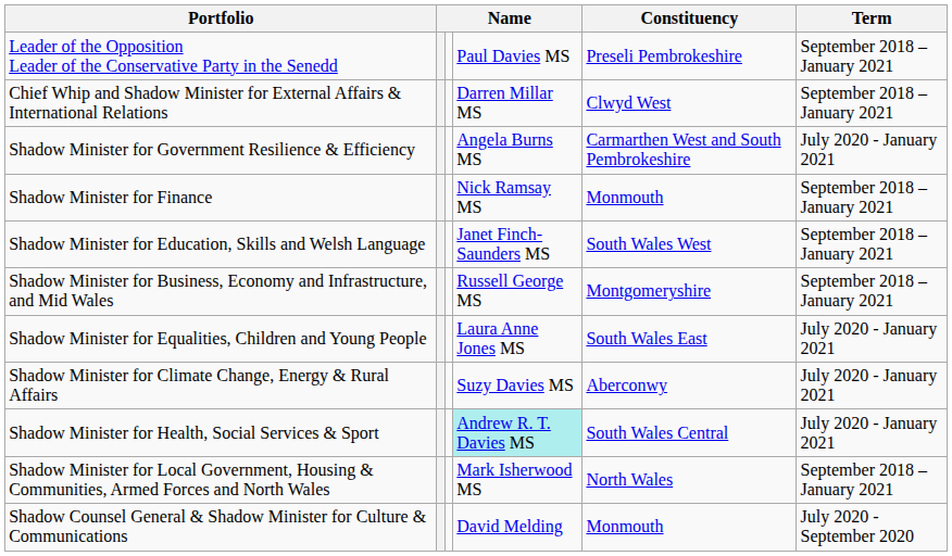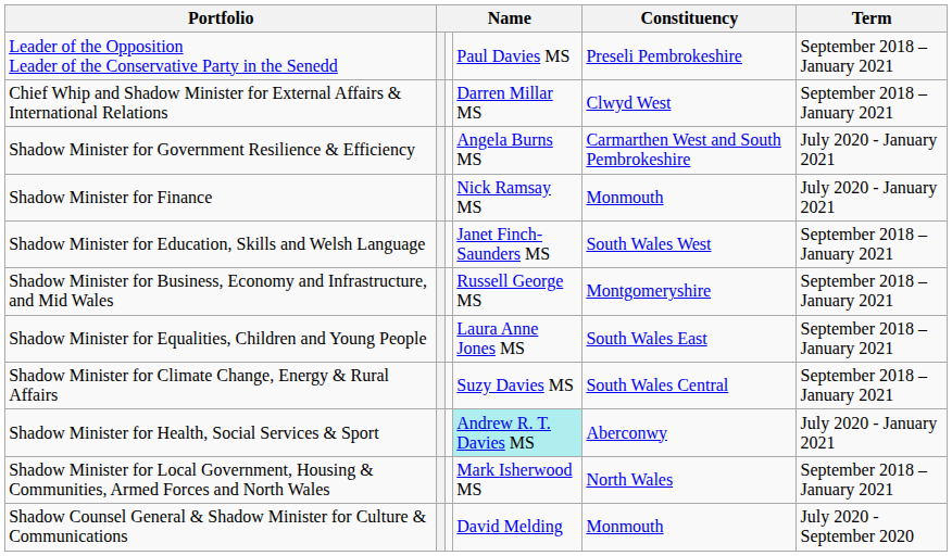 <table class="wikitable">
 <tr>
 <th style="width: 390px">Portfolio</th>
 <th colspan="3">Name</th>
 <th>Constituency</th>
 <th>Term</th>
 </tr>
 <tr>
 <td><a href='#'>Leader of the Opposition</a><br><a href='#'>Leader of the Conservative Party in the Senedd</a></td>
 <th style="background-color: "></th>
 <td></td>
 <td><a href='#'>Paul Davies</a> MS</td>
 <td><a href='#'>Preseli Pembrokeshire</a></td>
 <td>September 2018 – January 2021</td>
 </tr>
 <tr>
 <td>Chief Whip and Shadow Minister for External Affairs & International Relations</td>
 <th style="background-color: "></th>
 <td></td>
 <td><a href='#'>Darren Millar</a> MS</td>
 <td><a href='#'>Clwyd West</a></td>
 <td>September 2018 – January 2021</td>
 </tr>
 <tr>
 <td>Shadow Minister for Government Resilience & Efficiency</td>
 <th style="background-color: "></th>
 <td></td>
 <td><a href='#'>Angela Burns</a> MS</td>
 <td><a href='#'>Carmarthen West and South Pembrokeshire</a></td>
 <td>July 2020 - January 2021</td>
 </tr>
 <tr>
 <td>Shadow Minister for Finance</td>
 <th style="background-color: "></th>
 <td></td>
 <td><a href='#'>Nick Ramsay</a> MS</td>
 <td><a href='#'>Monmouth</a></td>
-<td>September 2018 – January 2021</td>
+<td>July 2020 - January 2021</td>
 </tr>
 <tr>
 <td>Shadow Minister for Education, Skills and Welsh Language</td>
 <th style="background-color: "></th>
 <td></td>
 <td><a href='#'>Janet Finch-Saunders</a> MS</td>
 <td><a href='#'>South Wales West</a></td>
 <td>September 2018 – January 2021</td>
 </tr>
 <tr>
 <td>Shadow Minister for Business, Economy and Infrastructure, and Mid Wales</td>
 <th style="background-color: "></th>
 <td></td>
 <td><a href='#'>Russell George</a> MS</td>
 <td><a href='#'>Montgomeryshire</a></td>
 <td>September 2018 – January 2021</td>
 </tr>
 <tr>
 <td>Shadow Minister for Equalities, Children and Young People</td>
 <th style="background-color: "></th>
 <td></td>
 <td><a href='#'>Laura Anne Jones</a> MS</td>
 <td><a href='#'>South Wales East</a></td>
-<td>July 2020 - January 2021</td>
+<td>September 2018 – January 2021</td>
 </tr>
 <tr>
 <td>Shadow Minister for Climate Change, Energy & Rural Affairs</td>
 <th style="background-color: "></th>
 <td></td>
 <td><a href='#'>Suzy Davies</a> MS</td>
-<td><a href='#'>Aberconwy</a></td>
-<td>July 2020 - January 2021</td>
+<td><a href='#'>South Wales Central</a></td>
+<td>September 2018 – January 2021</td>
 </tr>
 <tr>
 <td>Shadow Minister for Health, Social Services & Sport</td>
 <th style="background-color: "></th>
 <td></td>
 <td style="background: paleturquoise;"><a href='#'>Andrew R. T. Davies</a> MS</td>
-<td><a href='#'>South Wales Central</a></td>
+<td><a href='#'>Aberconwy</a></td>
 <td>July 2020 - January 2021</td>
 </tr>
 <tr>
 <td>Shadow Minister for Local Government, Housing & Communities, Armed Forces and North Wales</td>
 <th style="background-color: "></th>
 <td></td>
 <td><a href='#'>Mark Isherwood</a> MS</td>
 <td><a href='#'>North Wales</a></td>
 <td>September 2018 – January 2021</td>
 </tr>
 <tr>
 <td>Shadow Counsel General & Shadow Minister for Culture & Communications</td>
 <th style="background-color: "></th>
 <td></td>
 <td><a href='#'>David Melding</a></td>
 <td><a href='#'>Monmouth</a></td>
 <td>July 2020 - September 2020</td>
 </tr>
 <tr>
 </tr>
 </table>
